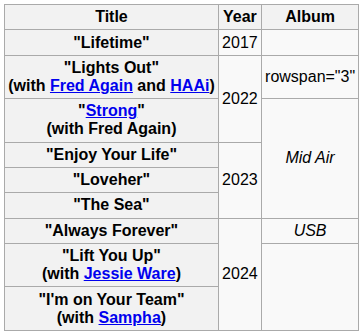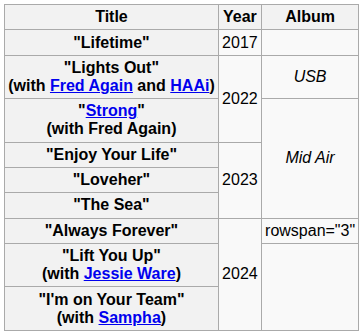 <table class="wikitable plainrowheaders" style="text-align:center;">
 <tr>
 <th scope="col">Title</th>
 <th scope="col">Year</th>
 <th scope="col">Album</th>
 </tr>
 <tr>
 <th scope="row">"Lifetime"</th>
 <td>2017</td>
 <td></td>
 </tr>
 <tr>
 <th scope="row">"Lights Out"<br><span>(with <a href='#'>Fred Again</a> and <a href='#'>HAAi</a>)</span></th>
 <td rowspan="2">2022</td>
-<td>rowspan="3" </td>
+<td><em>USB</em></td>
 </tr>
 <tr>
 <th scope="row">"<a href='#'>Strong</a>"<br><span>(with Fred Again)</span></th>
 <td rowspan="4"><em>Mid Air</em></td>
 </tr>
 <tr>
 <th scope="row">"Enjoy Your Life"</th>
 <td rowspan="3">2023</td>
 </tr>
 <tr>
 <th scope="row">"Loveher"</th>
 </tr>
 <tr>
 <th scope="row">"The Sea"</th>
 </tr>
 <tr>
 <th scope="row">"Always Forever"</th>
 <td rowspan="3">2024</td>
-<td><em>USB</em></td>
+<td>rowspan="3" </td>
 </tr>
 <tr>
 <th scope="row">"Lift You Up"<br><span>(with <a href='#'>Jessie Ware</a>)</span></th>
 </tr>
 <tr>
 <th scope="row">"I'm on Your Team"<br><span>(with <a href='#'>Sampha</a>)</span></th>
 </tr>
 </table>
